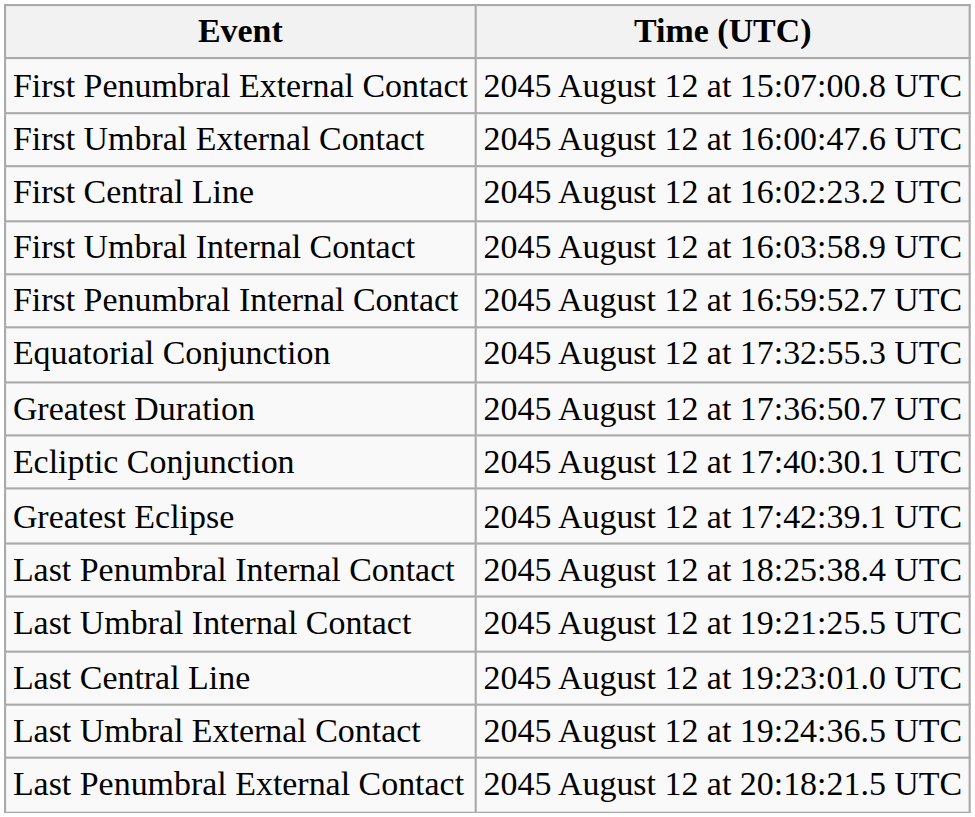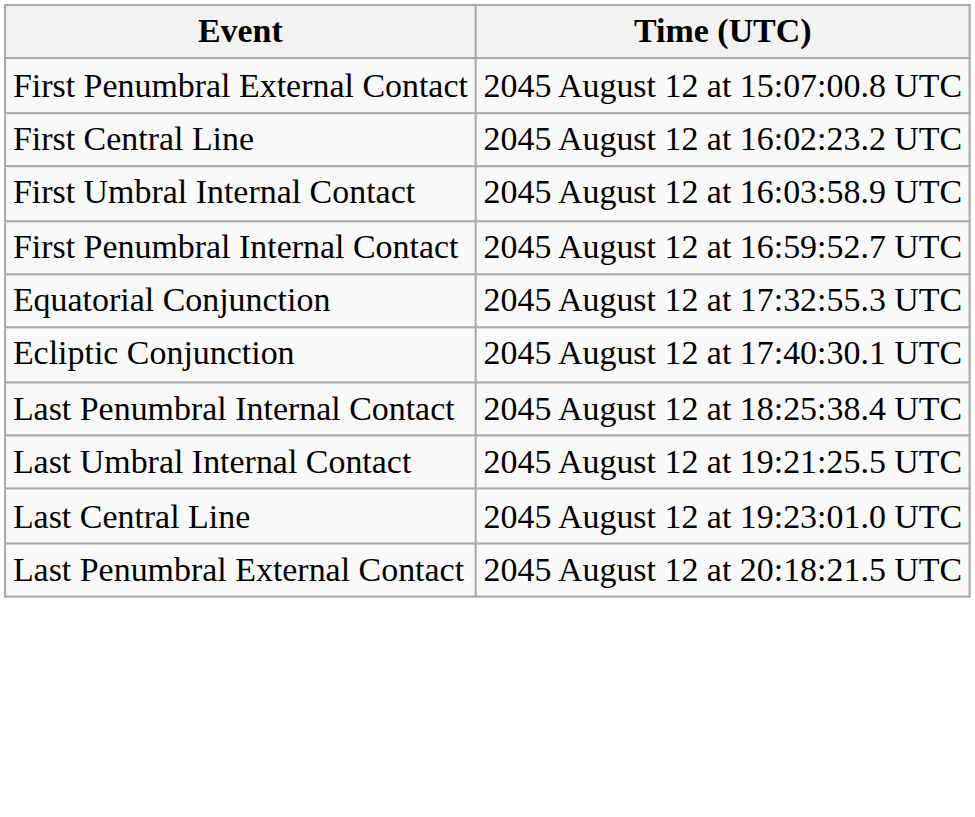 <table class="wikitable">
 <tr>
 <th>Event</th>
 <th>Time (UTC)</th>
 </tr>
 <tr>
 <td>First Penumbral External Contact</td>
 <td>2045 August 12 at 15:07:00.8 UTC</td>
-</tr>
-<tr>
-<td>First Umbral External Contact</td>
-<td>2045 August 12 at 16:00:47.6 UTC</td>
 </tr>
 <tr>
 <td>First Central Line</td>
 <td>2045 August 12 at 16:02:23.2 UTC</td>
 </tr>
 <tr>
 <td>First Umbral Internal Contact</td>
 <td>2045 August 12 at 16:03:58.9 UTC</td>
 </tr>
 <tr>
 <td>First Penumbral Internal Contact</td>
 <td>2045 August 12 at 16:59:52.7 UTC</td>
 </tr>
 <tr>
 <td>Equatorial Conjunction</td>
 <td>2045 August 12 at 17:32:55.3 UTC</td>
 </tr>
 <tr>
-<td>Greatest Duration</td>
-<td>2045 August 12 at 17:36:50.7 UTC</td>
-</tr>
-<tr>
 <td>Ecliptic Conjunction</td>
 <td>2045 August 12 at 17:40:30.1 UTC</td>
-</tr>
-<tr>
-<td>Greatest Eclipse</td>
-<td>2045 August 12 at 17:42:39.1 UTC</td>
 </tr>
 <tr>
 <td>Last Penumbral Internal Contact</td>
 <td>2045 August 12 at 18:25:38.4 UTC</td>
 </tr>
 <tr>
 <td>Last Umbral Internal Contact</td>
 <td>2045 August 12 at 19:21:25.5 UTC</td>
 </tr>
 <tr>
 <td>Last Central Line</td>
 <td>2045 August 12 at 19:23:01.0 UTC</td>
 </tr>
 <tr>
-<td>Last Umbral External Contact</td>
-<td>2045 August 12 at 19:24:36.5 UTC</td>
-</tr>
-<tr>
 <td>Last Penumbral External Contact</td>
 <td>2045 August 12 at 20:18:21.5 UTC</td>
 </tr>
 </table>
